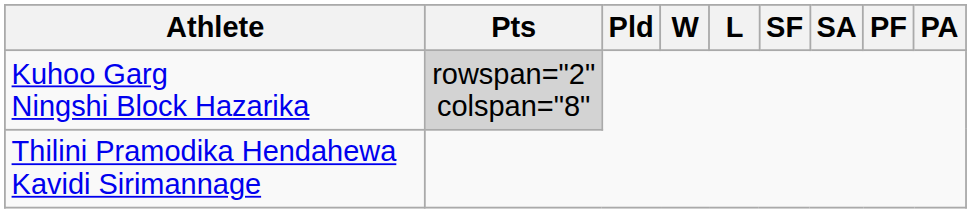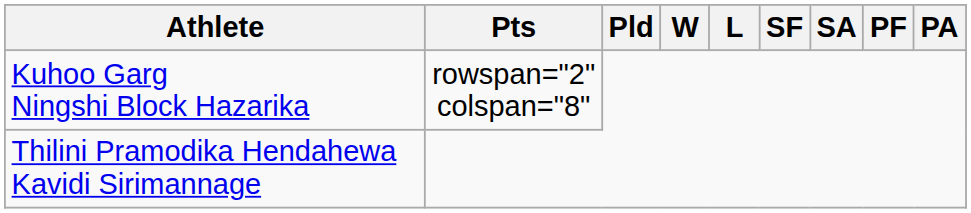 <table class=wikitable style="text-align:center">
 <tr>
 <th width="225">Athlete</th>
 <th width="20">Pts</th>
 <th width="20">Pld</th>
 <th width="20">W</th>
 <th width="20">L</th>
 <th width="20">SF</th>
 <th width="20">SA</th>
 <th width="20">PF</th>
 <th width="20">PA</th>
 </tr>
 <tr>
 <td style="text-align:left"> <a href='#'>Kuhoo Garg</a> <br>  <a href='#'>Ningshi Block Hazarika</a></td>
-<td style="background: lightgrey;">rowspan="2" colspan="8" </td>
+<td>rowspan="2" colspan="8" </td>
 </tr>
 <tr>
 <td style="text-align:left"> <a href='#'>Thilini Pramodika Hendahewa</a> <br>  <a href='#'>Kavidi Sirimannage</a></td>
 </tr>
 </table>
